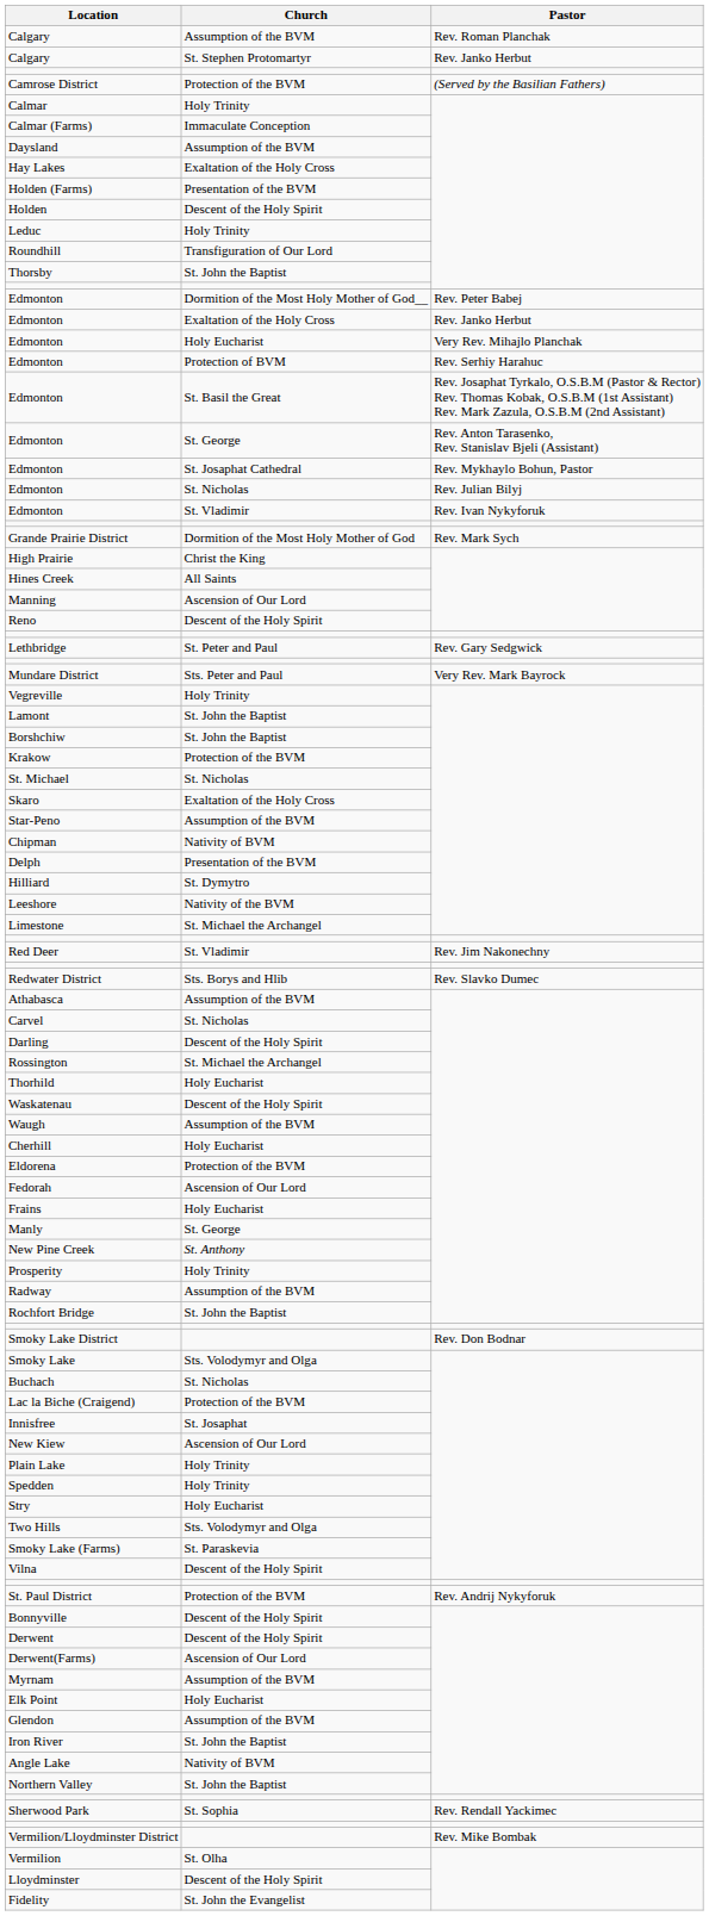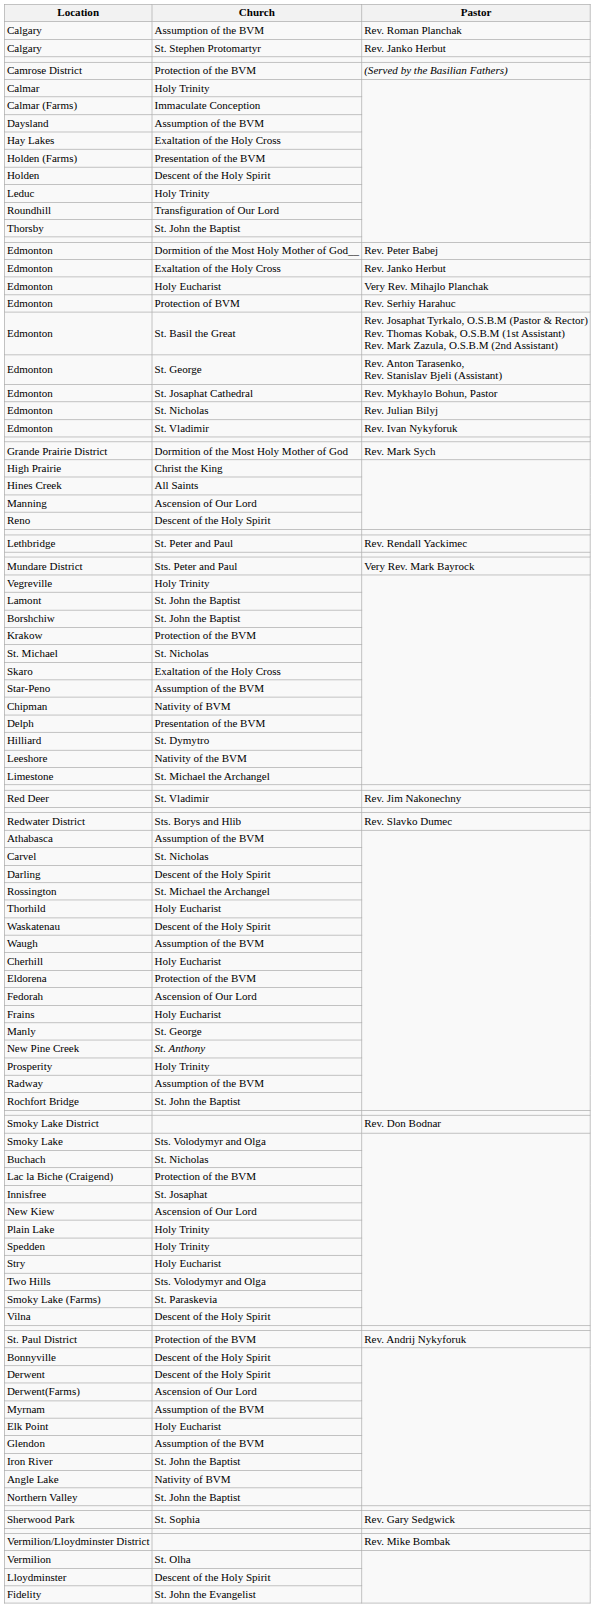 <table class="wikitable">
 <tr>
 <th>Location</th>
 <th>Church</th>
 <th>Pastor</th>
 </tr>
 <tr>
 <td>Calgary</td>
 <td>Assumption of the BVM</td>
 <td>Rev. Roman Planchak</td>
 </tr>
 <tr>
 <td>Calgary</td>
 <td>St. Stephen Protomartyr</td>
 <td>Rev. Janko Herbut</td>
 </tr>
 <tr>
 <td></td>
 <td></td>
 <td></td>
 </tr>
 <tr>
 <td>Camrose District</td>
 <td>Protection of the BVM</td>
 <td><em>(Served by the Basilian Fathers)</em></td>
 </tr>
 <tr>
 <td>Calmar</td>
 <td>Holy Trinity</td>
 </tr>
 <tr>
 <td>Calmar (Farms)</td>
 <td>Immaculate Conception</td>
 </tr>
 <tr>
 <td>Daysland</td>
 <td>Assumption of the BVM</td>
 </tr>
 <tr>
 <td>Hay Lakes</td>
 <td>Exaltation of the Holy Cross</td>
 </tr>
 <tr>
 <td>Holden (Farms)</td>
 <td>Presentation of the BVM</td>
 </tr>
 <tr>
 <td>Holden</td>
 <td>Descent of the Holy Spirit</td>
 </tr>
 <tr>
 <td>Leduc</td>
 <td>Holy Trinity</td>
 </tr>
 <tr>
 <td>Roundhill</td>
 <td>Transfiguration of Our Lord</td>
 </tr>
 <tr>
 <td>Thorsby</td>
 <td>St. John the Baptist</td>
 </tr>
 <tr>
 <td></td>
 <td></td>
 </tr>
 <tr>
 <td>Edmonton</td>
 <td>Dormition of the Most Holy Mother of God__</td>
 <td>Rev. Peter Babej</td>
 </tr>
 <tr>
 <td>Edmonton</td>
 <td>Exaltation of the Holy Cross</td>
 <td>Rev. Janko Herbut</td>
 </tr>
 <tr>
 <td>Edmonton</td>
 <td>Holy Eucharist</td>
 <td>Very Rev. Mihajlo Planchak</td>
 </tr>
 <tr>
 <td>Edmonton</td>
 <td>Protection of BVM</td>
 <td>Rev. Serhiy Harahuc</td>
 </tr>
 <tr>
 <td>Edmonton</td>
 <td>St. Basil the Great</td>
 <td>Rev. Josaphat Tyrkalo, O.S.B.M (Pastor & Rector)<br>Rev. Thomas Kobak, O.S.B.M (1st Assistant)<br>Rev. Mark Zazula, O.S.B.M (2nd Assistant)</td>
 </tr>
 <tr>
 <td>Edmonton</td>
 <td>St. George</td>
 <td>Rev. Anton Tarasenko,<br>Rev. Stanislav Bjeli (Assistant)</td>
 </tr>
 <tr>
 <td>Edmonton</td>
 <td>St. Josaphat Cathedral</td>
 <td>Rev. Mykhaylo Bohun, Pastor</td>
 </tr>
 <tr>
 <td>Edmonton</td>
 <td>St. Nicholas</td>
 <td>Rev. Julian Bilyj</td>
 </tr>
 <tr>
 <td>Edmonton</td>
 <td>St. Vladimir</td>
 <td>Rev. Ivan Nykyforuk</td>
 </tr>
 <tr>
 <td></td>
 <td></td>
 <td></td>
 </tr>
 <tr>
 <td>Grande Prairie District</td>
 <td>Dormition of the Most Holy Mother of God</td>
 <td>Rev. Mark Sych</td>
 </tr>
 <tr>
 <td>High Prairie</td>
 <td>Christ the King</td>
 </tr>
 <tr>
 <td>Hines Creek</td>
 <td>All Saints</td>
 </tr>
 <tr>
 <td>Manning</td>
 <td>Ascension of Our Lord</td>
 </tr>
 <tr>
 <td>Reno</td>
 <td>Descent of the Holy Spirit</td>
 </tr>
 <tr>
 <td></td>
 <td></td>
 <td></td>
 </tr>
 <tr>
 <td>Lethbridge</td>
 <td>St. Peter and Paul</td>
-<td>Rev. Gary Sedgwick</td>
+<td>Rev. Rendall Yackimec</td>
 </tr>
 <tr>
 <td></td>
 <td></td>
 <td></td>
 </tr>
 <tr>
 <td>Mundare District</td>
 <td>Sts. Peter and Paul</td>
 <td>Very Rev. Mark Bayrock</td>
 </tr>
 <tr>
 <td>Vegreville</td>
 <td>Holy Trinity</td>
 </tr>
 <tr>
 <td>Lamont</td>
 <td>St. John the Baptist</td>
 </tr>
 <tr>
 <td>Borshchiw</td>
 <td>St. John the Baptist</td>
 </tr>
 <tr>
 <td>Krakow</td>
 <td>Protection of the BVM</td>
 </tr>
 <tr>
 <td>St. Michael</td>
 <td>St. Nicholas</td>
 </tr>
 <tr>
 <td>Skaro</td>
 <td>Exaltation of the Holy Cross</td>
 </tr>
 <tr>
 <td>Star-Peno</td>
 <td>Assumption of the BVM</td>
 </tr>
 <tr>
 <td>Chipman</td>
 <td>Nativity of BVM</td>
 </tr>
 <tr>
 <td>Delph</td>
 <td>Presentation of the BVM</td>
 </tr>
 <tr>
 <td>Hilliard</td>
 <td>St. Dymytro</td>
 </tr>
 <tr>
 <td>Leeshore</td>
 <td>Nativity of the BVM</td>
 </tr>
 <tr>
 <td>Limestone</td>
 <td>St. Michael the Archangel</td>
 </tr>
 <tr>
 <td></td>
 <td></td>
 <td></td>
 </tr>
 <tr>
 <td>Red Deer</td>
 <td>St. Vladimir</td>
 <td>Rev. Jim Nakonechny</td>
 </tr>
 <tr>
 <td></td>
 <td></td>
 <td></td>
 </tr>
 <tr>
 <td>Redwater District</td>
 <td>Sts. Borys and Hlib</td>
 <td>Rev. Slavko Dumec</td>
 </tr>
 <tr>
 <td>Athabasca</td>
 <td>Assumption of the BVM</td>
 </tr>
 <tr>
 <td>Carvel</td>
 <td>St. Nicholas</td>
 </tr>
 <tr>
 <td>Darling</td>
 <td>Descent of the Holy Spirit</td>
 </tr>
 <tr>
 <td>Rossington</td>
 <td>St. Michael the Archangel</td>
 </tr>
 <tr>
 <td>Thorhild</td>
 <td>Holy Eucharist</td>
 </tr>
 <tr>
 <td>Waskatenau</td>
 <td>Descent of the Holy Spirit</td>
 </tr>
 <tr>
 <td>Waugh</td>
 <td>Assumption of the BVM</td>
 </tr>
 <tr>
 <td>Cherhill</td>
 <td>Holy Eucharist</td>
 </tr>
 <tr>
 <td>Eldorena</td>
 <td>Protection of the BVM</td>
 </tr>
 <tr>
 <td>Fedorah</td>
 <td>Ascension of Our Lord</td>
 </tr>
 <tr>
 <td>Frains</td>
 <td>Holy Eucharist</td>
 </tr>
 <tr>
 <td>Manly</td>
 <td>St. George</td>
 </tr>
 <tr>
 <td>New Pine Creek</td>
 <td><em>St. Anthony</em></td>
 </tr>
 <tr>
 <td>Prosperity</td>
 <td>Holy Trinity</td>
 </tr>
 <tr>
 <td>Radway</td>
 <td>Assumption of the BVM</td>
 </tr>
 <tr>
 <td>Rochfort Bridge</td>
 <td>St. John the Baptist</td>
 </tr>
 <tr>
 <td></td>
 <td></td>
 <td></td>
 </tr>
 <tr>
 <td>Smoky Lake District</td>
 <td></td>
 <td>Rev. Don Bodnar</td>
 </tr>
 <tr>
 <td>Smoky Lake</td>
 <td>Sts. Volodymyr and Olga</td>
 </tr>
 <tr>
 <td>Buchach</td>
 <td>St. Nicholas</td>
 </tr>
 <tr>
 <td>Lac la Biche (Craigend)</td>
 <td>Protection of the BVM</td>
 </tr>
 <tr>
 <td>Innisfree</td>
 <td>St. Josaphat</td>
 </tr>
 <tr>
 <td>New Kiew</td>
 <td>Ascension of Our Lord</td>
 </tr>
 <tr>
 <td>Plain Lake</td>
 <td>Holy Trinity</td>
 </tr>
 <tr>
 <td>Spedden</td>
 <td>Holy Trinity</td>
 </tr>
 <tr>
 <td>Stry</td>
 <td>Holy Eucharist</td>
 </tr>
 <tr>
 <td>Two Hills</td>
 <td>Sts. Volodymyr and Olga</td>
 </tr>
 <tr>
 <td>Smoky Lake (Farms)</td>
 <td>St. Paraskevia</td>
 </tr>
 <tr>
 <td>Vilna</td>
 <td>Descent of the Holy Spirit</td>
 </tr>
 <tr>
 <td></td>
 <td></td>
 <td></td>
 </tr>
 <tr>
 <td>St. Paul District</td>
 <td>Protection of the BVM</td>
 <td>Rev. Andrij Nykyforuk</td>
 </tr>
 <tr>
 <td>Bonnyville</td>
 <td>Descent of the Holy Spirit</td>
 </tr>
 <tr>
 <td>Derwent</td>
 <td>Descent of the Holy Spirit</td>
 </tr>
 <tr>
 <td>Derwent(Farms)</td>
 <td>Ascension of Our Lord</td>
 </tr>
 <tr>
 <td>Myrnam</td>
 <td>Assumption of the BVM</td>
 </tr>
 <tr>
 <td>Elk Point</td>
 <td>Holy Eucharist</td>
 </tr>
 <tr>
 <td>Glendon</td>
 <td>Assumption of the BVM</td>
 </tr>
 <tr>
 <td>Iron River</td>
 <td>St. John the Baptist</td>
 </tr>
 <tr>
 <td>Angle Lake</td>
 <td>Nativity of BVM</td>
 </tr>
 <tr>
 <td>Northern Valley</td>
 <td>St. John the Baptist</td>
 </tr>
 <tr>
 <td></td>
 <td></td>
 <td></td>
 </tr>
 <tr>
 <td>Sherwood Park</td>
 <td>St. Sophia</td>
-<td>Rev. Rendall Yackimec</td>
+<td>Rev. Gary Sedgwick</td>
 </tr>
 <tr>
 <td></td>
 <td></td>
 <td></td>
 </tr>
 <tr>
 <td>Vermilion/Lloydminster District</td>
 <td></td>
 <td>Rev. Mike Bombak</td>
 </tr>
 <tr>
 <td>Vermilion</td>
 <td>St. Olha</td>
 </tr>
 <tr>
 <td>Lloydminster</td>
 <td>Descent of the Holy Spirit</td>
 </tr>
 <tr>
 <td>Fidelity</td>
 <td>St. John the Evangelist</td>
 </tr>
 </table>
